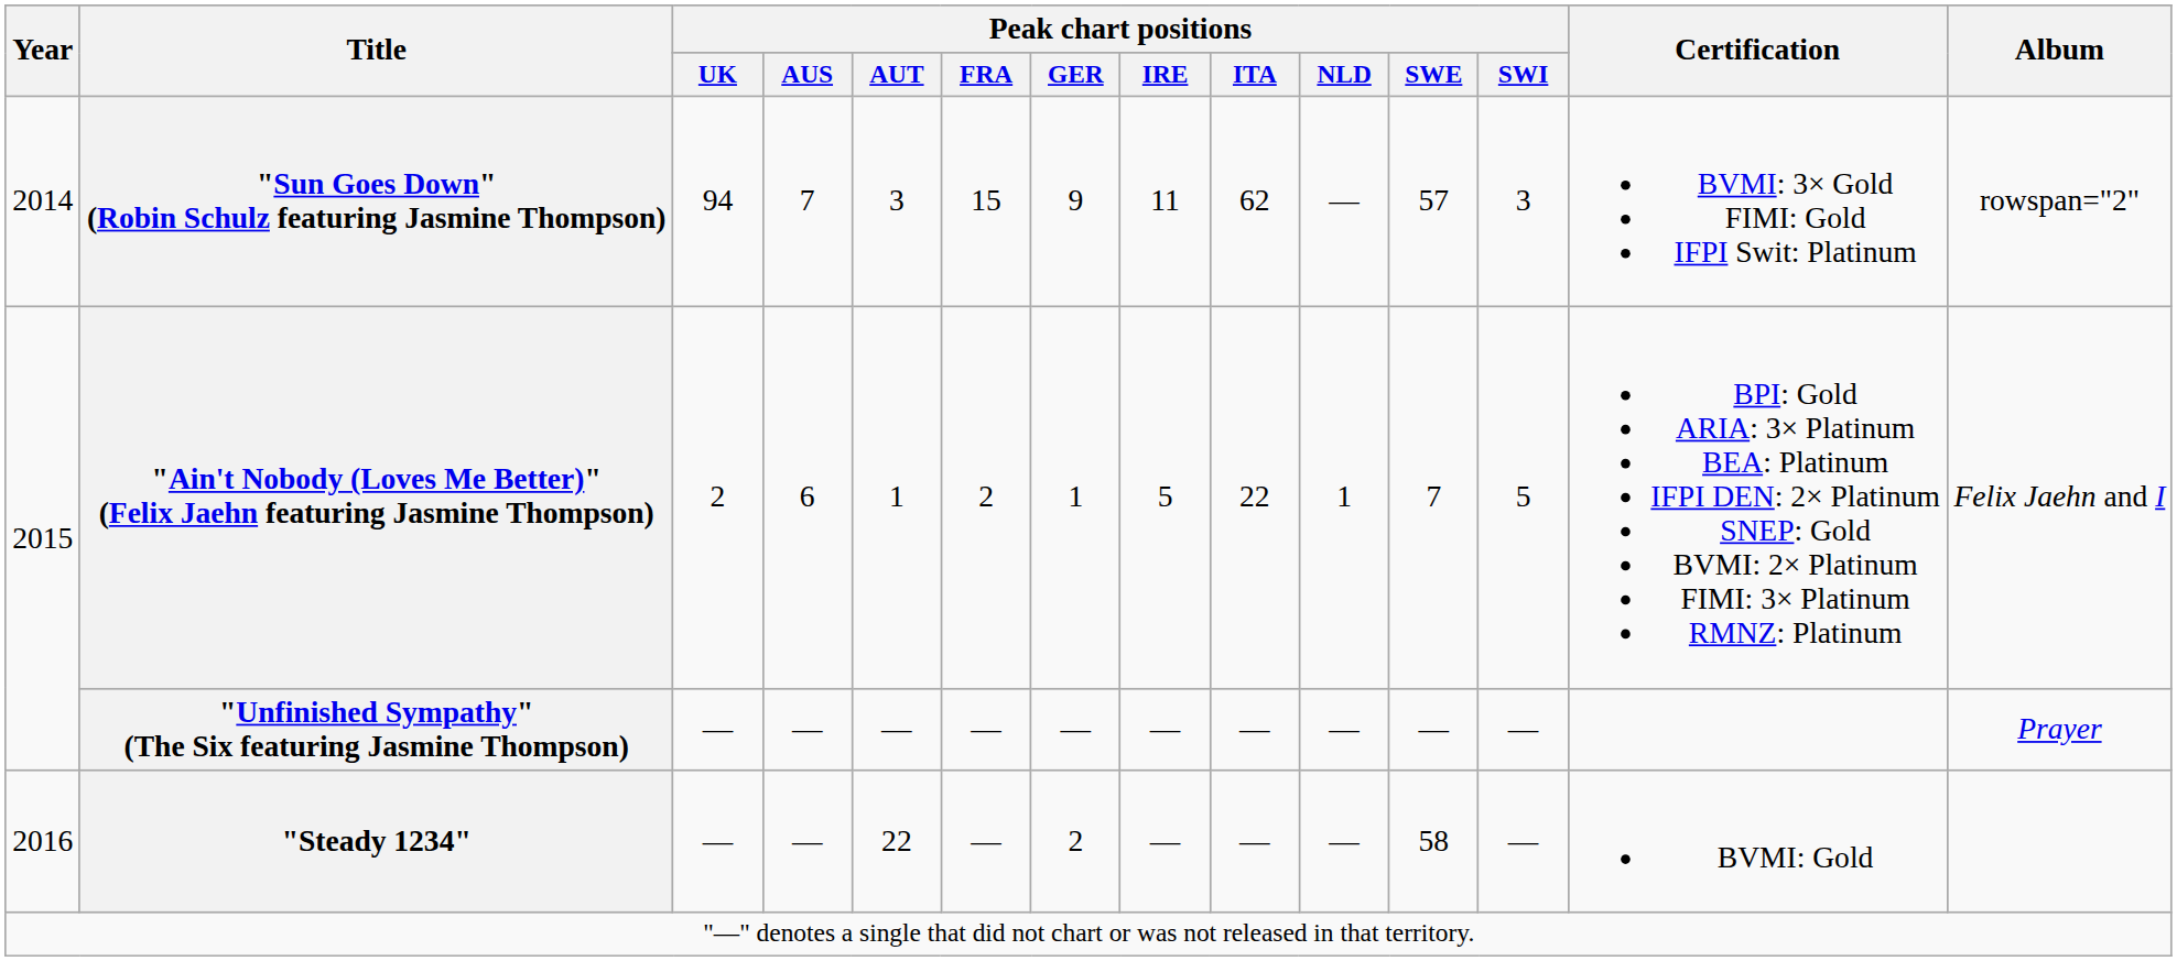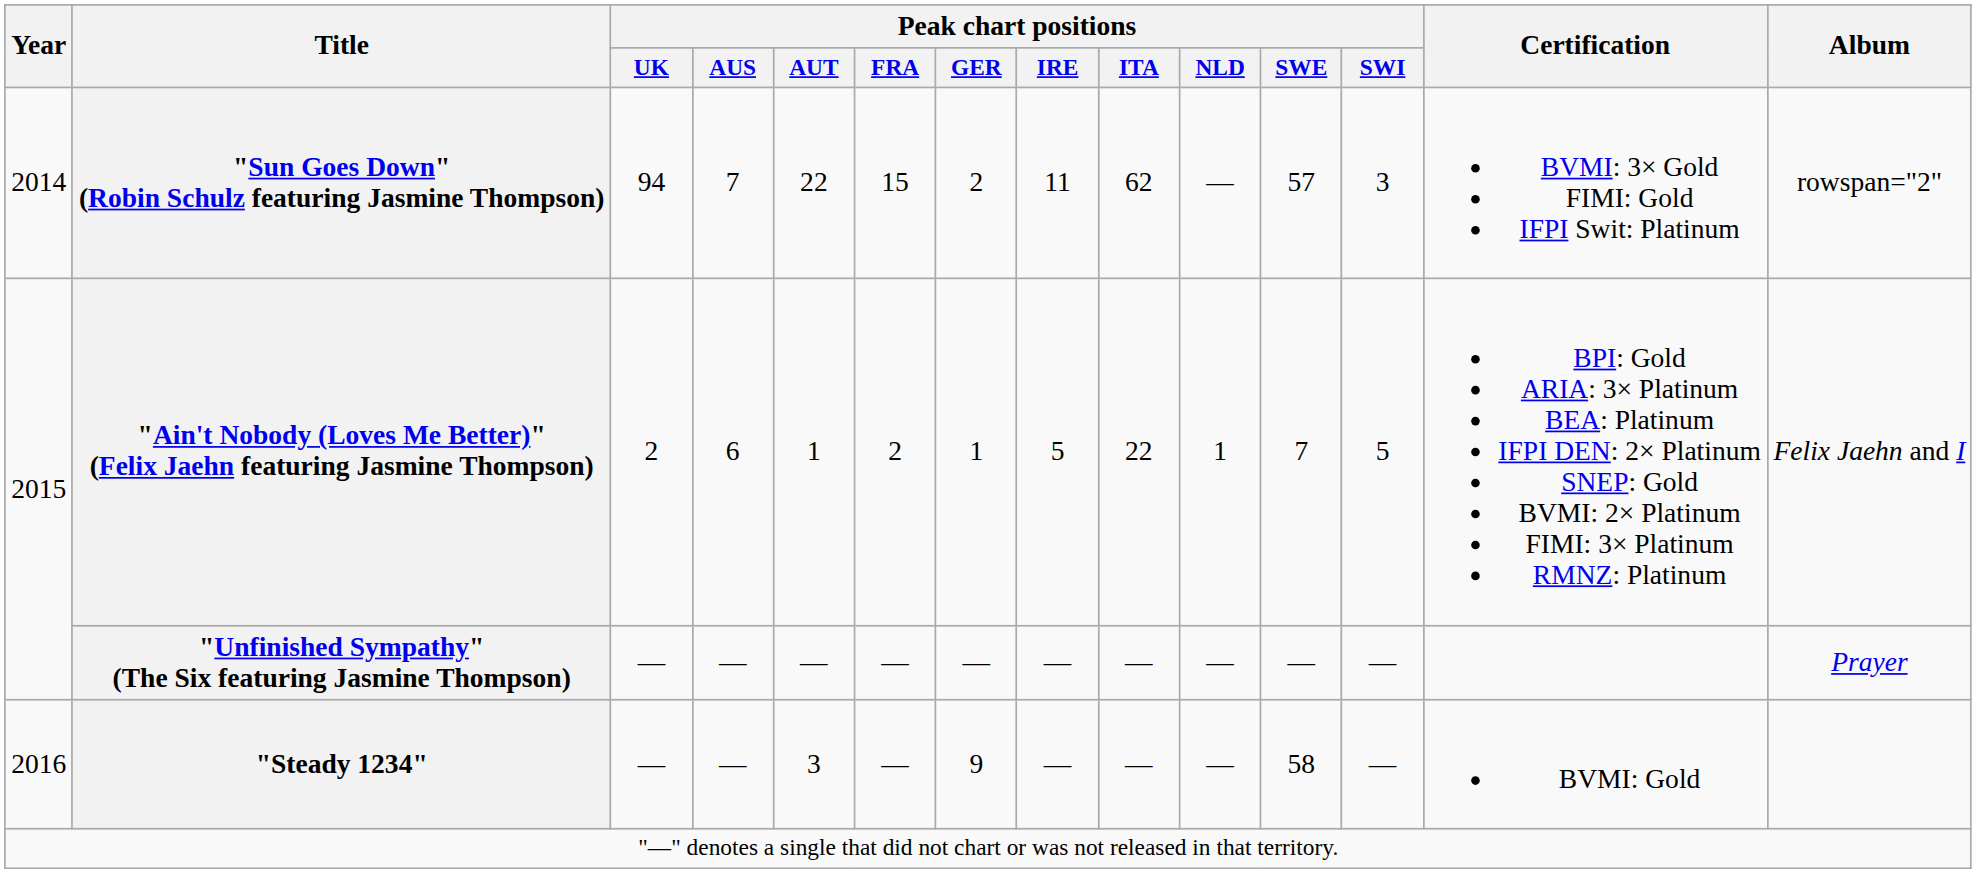 <table class="wikitable plainrowheaders" style="text-align:center;">
 <tr>
 <th scope="col" rowspan="2">Year</th>
 <th scope="col" rowspan="2">Title</th>
 <th scope="col" colspan="10">Peak chart positions</th>
 <th scope="col" rowspan="2">Certification</th>
 <th scope="col" rowspan="2">Album</th>
 </tr>
 <tr>
 <th scope="col" style="width:3em;font-size:85%;"><a href='#'>UK</a><br></th>
 <th scope="col" style="width:3em;font-size:85%;"><a href='#'>AUS</a><br></th>
 <th scope="col" style="width:3em;font-size:85%;"><a href='#'>AUT</a><br></th>
 <th scope="col" style="width:3em;font-size:85%;"><a href='#'>FRA</a><br></th>
 <th scope="col" style="width:3em;font-size:85%;"><a href='#'>GER</a><br></th>
 <th scope="col" style="width:3em;font-size:85%;"><a href='#'>IRE</a><br></th>
 <th scope="col" style="width:3em;font-size:85%;"><a href='#'>ITA</a><br></th>
 <th scope="col" style="width:3em;font-size:85%;"><a href='#'>NLD</a><br></th>
 <th scope="col" style="width:3em;font-size:85%;"><a href='#'>SWE</a><br></th>
 <th scope="col" style="width:3em;font-size:85%;"><a href='#'>SWI</a><br></th>
 </tr>
 <tr>
 <td>2014</td>
 <th scope="row">"<a href='#'>Sun Goes Down</a>"<br><span>(<a href='#'>Robin Schulz</a> featuring Jasmine Thompson)</span></th>
 <td>94</td>
 <td>7</td>
-<td>3</td>
+<td>22</td>
 <td>15</td>
-<td>9</td>
+<td>2</td>
 <td>11</td>
 <td>62</td>
 <td>—</td>
 <td>57</td>
 <td>3</td>
 <td><br><ul><li><a href='#'>BVMI</a>: 3× Gold</li><li>FIMI: Gold</li><li><a href='#'>IFPI</a> Swit: Platinum</li></ul></td>
 <td>rowspan="2" </td>
 </tr>
 <tr>
 <td rowspan="2">2015</td>
 <th scope="row">"<a href='#'>Ain't Nobody (Loves Me Better)</a>"<br><span>(<a href='#'>Felix Jaehn</a> featuring Jasmine Thompson)</span></th>
 <td>2</td>
 <td>6</td>
 <td>1</td>
 <td>2</td>
 <td>1</td>
 <td>5</td>
 <td>22</td>
 <td>1</td>
 <td>7</td>
 <td>5</td>
 <td><br><ul><li><a href='#'>BPI</a>: Gold</li><li><a href='#'>ARIA</a>: 3× Platinum</li><li><a href='#'>BEA</a>: Platinum</li><li><a href='#'>IFPI DEN</a>: 2× Platinum</li><li><a href='#'>SNEP</a>: Gold</li><li>BVMI: 2× Platinum</li><li>FIMI: 3× Platinum</li><li><a href='#'>RMNZ</a>: Platinum</li></ul></td>
 <td><em>Felix Jaehn</em> and <em><a href='#'>I</a></em></td>
 </tr>
 <tr>
 <th scope="row">"<a href='#'>Unfinished Sympathy</a>"<br><span>(The Six featuring Jasmine Thompson)</span></th>
 <td>—</td>
 <td>—</td>
 <td>—</td>
 <td>—</td>
 <td>—</td>
 <td>—</td>
 <td>—</td>
 <td>—</td>
 <td>—</td>
 <td>—</td>
 <td></td>
 <td><em><a href='#'>Prayer</a></em></td>
 </tr>
 <tr>
 <td>2016</td>
 <th scope="row">"Steady 1234"<br></th>
 <td>—</td>
 <td>—</td>
-<td>22</td>
+<td>3</td>
 <td>—</td>
-<td>2</td>
+<td>9</td>
 <td>—</td>
 <td>—</td>
 <td>—</td>
 <td>58</td>
 <td>—</td>
 <td><br><ul><li>BVMI: Gold</li></ul></td>
 </tr>
 <tr>
 <td colspan="15" style="font-size:85%">"—" denotes a single that did not chart or was not released in that territory.</td>
 </tr>
 </table>
